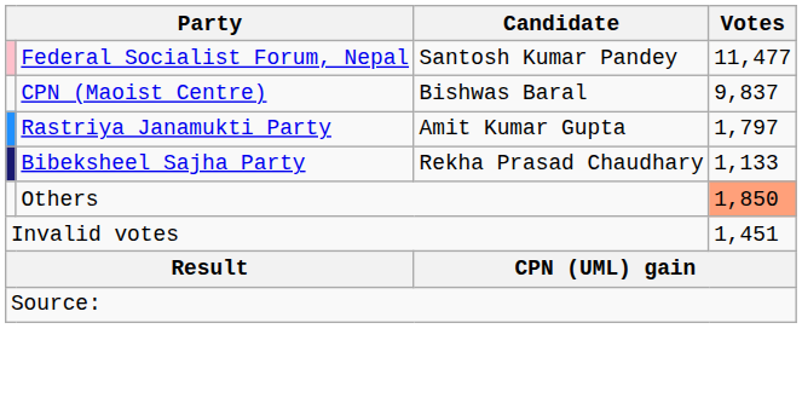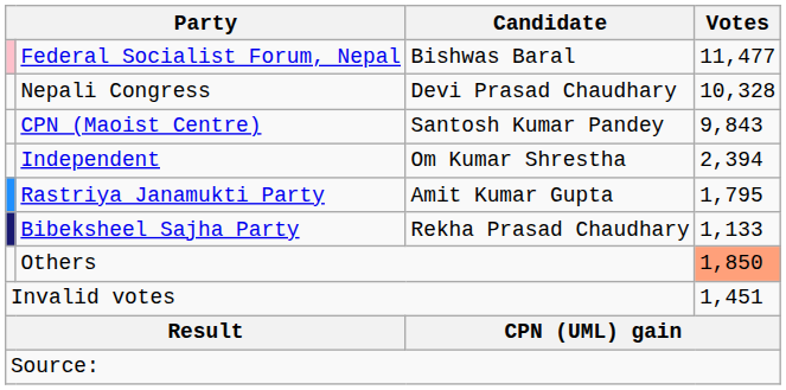 <table class="wikitable">
 <tr>
 <th colspan="2">Party</th>
 <th>Candidate</th>
 <th>Votes</th>
 </tr>
 <tr>
 <td style="background-color:pink"></td>
 <td><a href='#'>Federal Socialist Forum, Nepal</a></td>
-<td>Santosh Kumar Pandey</td>
+<td>Bishwas Baral</td>
 <td>11,477</td>
 </tr>
 <tr>
 <td style="background-color:"></td>
+<td>Nepali Congress</td>
+<td>Devi Prasad Chaudhary</td>
+<td>10,328</td>
+</tr>
+<tr>
+<td style="background-color:"></td>
 <td><a href='#'>CPN (Maoist Centre)</a></td>
-<td>Bishwas Baral</td>
-<td>9,837</td>
+<td>Santosh Kumar Pandey</td>
+<td>9,843</td>
+</tr>
+<tr>
+<td style="background-color:"></td>
+<td><a href='#'>Independent</a></td>
+<td>Om Kumar Shrestha</td>
+<td>2,394</td>
 </tr>
 <tr>
 <td style="background-color:dodgerblue"></td>
 <td><a href='#'>Rastriya Janamukti Party</a></td>
 <td>Amit Kumar Gupta</td>
-<td>1,797</td>
+<td>1,795</td>
 </tr>
 <tr>
 <td style="background-color:midnightblue"></td>
 <td><a href='#'>Bibeksheel Sajha Party</a></td>
 <td>Rekha Prasad Chaudhary</td>
 <td>1,133</td>
 </tr>
 <tr>
 <td></td>
 <td colspan="2">Others</td>
 <td style="background: lightsalmon;">1,850</td>
 </tr>
 <tr>
 <td colspan="3">Invalid votes</td>
 <td>1,451</td>
 </tr>
 <tr>
 <th colspan="2">Result</th>
 <th colspan="2">CPN (UML) gain</th>
 </tr>
 <tr>
 <td colspan="4">Source: </td>
 </tr>
 </table>
